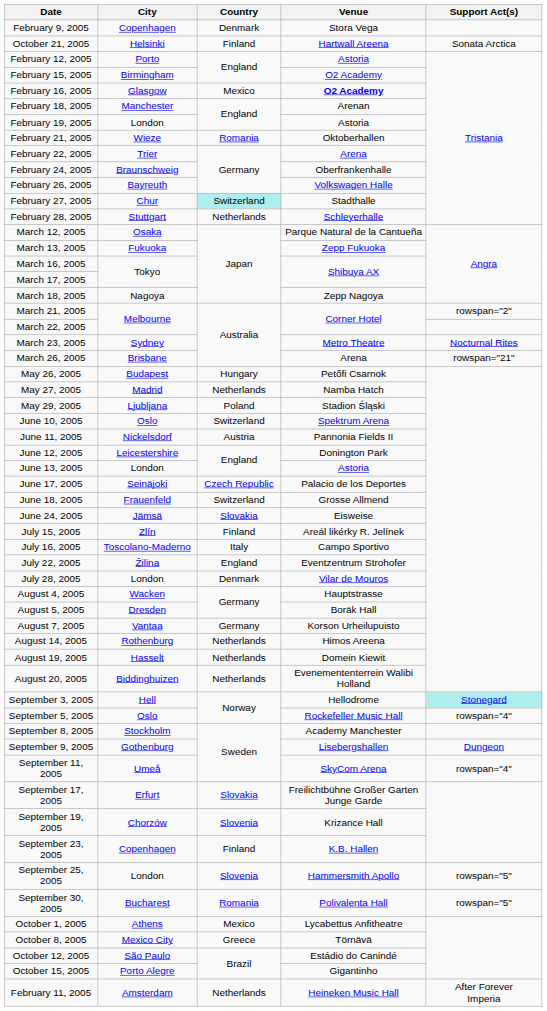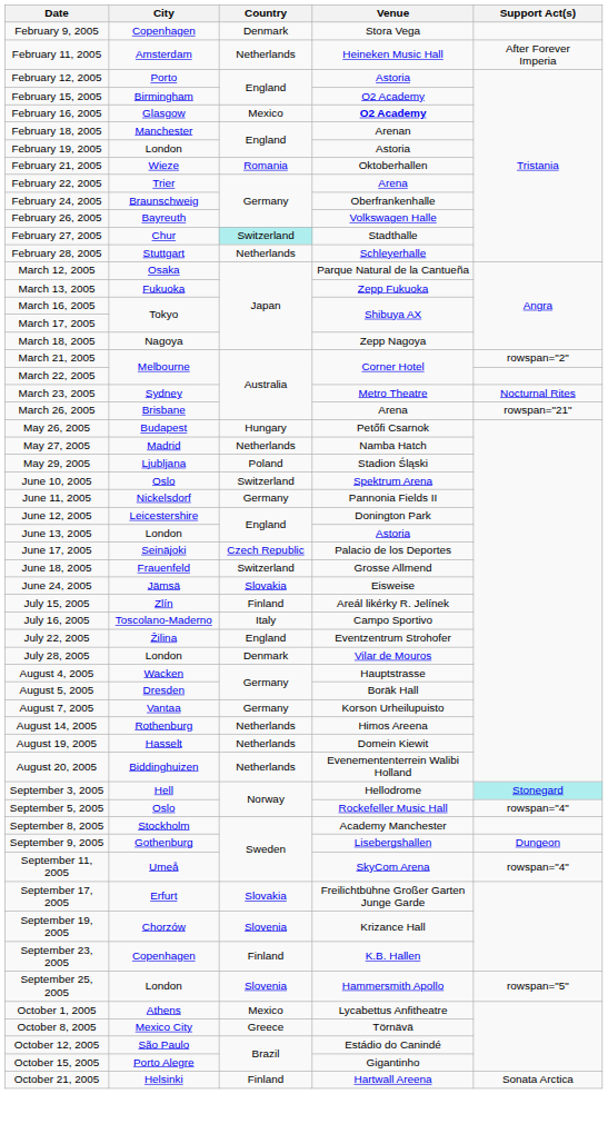 <table class="wikitable plainrowheaders" style="text-align:center;">
 <tr>
 <th scope="col" style="width:12em;">Date</th>
 <th scope="col" style="width:12em;">City</th>
 <th scope="col" style="width:10em;">Country</th>
 <th scope="col" style="width:18em;">Venue</th>
 <th scope="col" style="width:15em;">Support Act(s)</th>
 </tr>
 <tr>
 <td>February 9, 2005</td>
 <td><a href='#'>Copenhagen</a></td>
 <td>Denmark</td>
 <td>Stora Vega</td>
 <td></td>
 </tr>
 <tr>
-<td>October 21, 2005</td>
-<td><a href='#'>Helsinki</a></td>
-<td>Finland</td>
-<td><a href='#'>Hartwall Areena</a></td>
-<td>Sonata Arctica</td>
+<td>February 11, 2005</td>
+<td><a href='#'>Amsterdam</a></td>
+<td>Netherlands</td>
+<td><a href='#'>Heineken Music Hall</a></td>
+<td>After Forever<br>Imperia</td>
 </tr>
 <tr>
 <td>February 12, 2005</td>
 <td><a href='#'>Porto</a></td>
 <td rowspan="2">England</td>
 <td><a href='#'>Astoria</a></td>
 <td rowspan="11"><a href='#'>Tristania</a></td>
 </tr>
 <tr>
 <td>February 15, 2005</td>
 <td><a href='#'>Birmingham</a></td>
 <td><a href='#'>O2 Academy</a></td>
 </tr>
 <tr>
 <td>February 16, 2005</td>
 <td><a href='#'>Glasgow</a></td>
 <td>Mexico</td>
 <td><strong><a href='#'>O2 Academy</a></strong></td>
 </tr>
 <tr>
 <td>February 18, 2005</td>
 <td><a href='#'>Manchester</a></td>
 <td rowspan="2">England</td>
 <td>Arenan</td>
 </tr>
 <tr>
 <td>February 19, 2005</td>
 <td>London</td>
 <td>Astoria</td>
 </tr>
 <tr>
 <td>February 21, 2005</td>
 <td><a href='#'>Wieze</a></td>
 <td><a href='#'>Romania</a></td>
 <td>Oktoberhallen</td>
 </tr>
 <tr>
 <td>February 22, 2005</td>
 <td><a href='#'>Trier</a></td>
 <td rowspan="3">Germany</td>
 <td><a href='#'>Arena</a></td>
 </tr>
 <tr>
 <td>February 24, 2005</td>
 <td><a href='#'>Braunschweig</a></td>
 <td>Oberfrankenhalle</td>
 </tr>
 <tr>
 <td>February 26, 2005</td>
 <td><a href='#'>Bayreuth</a></td>
 <td><a href='#'>Volkswagen Halle</a></td>
 </tr>
 <tr>
 <td>February 27, 2005</td>
 <td><a href='#'>Chur</a></td>
 <td style="background: paleturquoise;">Switzerland</td>
 <td>Stadthalle</td>
 </tr>
 <tr>
 <td>February 28, 2005</td>
 <td><a href='#'>Stuttgart</a></td>
 <td>Netherlands</td>
 <td><a href='#'>Schleyerhalle</a></td>
 </tr>
 <tr>
 <td>March 12, 2005</td>
 <td><a href='#'>Osaka</a></td>
 <td rowspan="5">Japan</td>
 <td>Parque Natural de la Cantueña</td>
 <td rowspan="5"><a href='#'>Angra</a></td>
 </tr>
 <tr>
 <td>March 13, 2005</td>
 <td><a href='#'>Fukuoka</a></td>
 <td><a href='#'>Zepp Fukuoka</a></td>
 </tr>
 <tr>
 <td>March 16, 2005</td>
 <td rowspan="2">Tokyo</td>
 <td rowspan="2"><a href='#'>Shibuya AX</a></td>
 </tr>
 <tr>
 <td>March 17, 2005</td>
 </tr>
 <tr>
 <td>March 18, 2005</td>
 <td>Nagoya</td>
 <td>Zepp Nagoya</td>
 </tr>
 <tr>
 <td>March 21, 2005</td>
 <td rowspan="2"><a href='#'>Melbourne</a></td>
 <td rowspan="4">Australia</td>
 <td rowspan="2"><a href='#'>Corner Hotel</a></td>
 <td>rowspan="2" </td>
 </tr>
 <tr>
 <td>March 22, 2005</td>
 </tr>
 <tr>
 <td>March 23, 2005</td>
 <td><a href='#'>Sydney</a></td>
 <td><a href='#'>Metro Theatre</a></td>
 <td><a href='#'>Nocturnal Rites</a></td>
 </tr>
 <tr>
 <td>March 26, 2005</td>
 <td><a href='#'>Brisbane</a></td>
 <td>Arena</td>
 <td>rowspan="21" </td>
 </tr>
 <tr>
 <td>May 26, 2005</td>
 <td><a href='#'>Budapest</a></td>
 <td>Hungary</td>
 <td>Petőfi Csarnok</td>
 </tr>
 <tr>
 <td>May 27, 2005</td>
 <td><a href='#'>Madrid</a></td>
 <td>Netherlands</td>
 <td>Namba Hatch</td>
 </tr>
 <tr>
 <td>May 29, 2005</td>
 <td><a href='#'>Ljubljana</a></td>
 <td>Poland</td>
 <td>Stadion Śląski</td>
 </tr>
 <tr>
 <td>June 10, 2005</td>
 <td><a href='#'>Oslo</a></td>
 <td>Switzerland</td>
 <td><a href='#'>Spektrum Arena</a></td>
 </tr>
 <tr>
 <td>June 11, 2005</td>
 <td><a href='#'>Nickelsdorf</a></td>
-<td>Austria</td>
+<td>Germany</td>
 <td>Pannonia Fields II</td>
 </tr>
 <tr>
 <td>June 12, 2005</td>
 <td><a href='#'>Leicestershire</a></td>
 <td rowspan="2">England</td>
 <td>Donington Park</td>
 </tr>
 <tr>
 <td>June 13, 2005</td>
 <td>London</td>
 <td><a href='#'>Astoria</a></td>
 </tr>
 <tr>
 <td>June 17, 2005</td>
 <td><a href='#'>Seinäjoki</a></td>
 <td><a href='#'>Czech Republic</a></td>
 <td>Palacio de los Deportes</td>
 </tr>
 <tr>
 <td>June 18, 2005</td>
 <td><a href='#'>Frauenfeld</a></td>
 <td>Switzerland</td>
 <td>Grosse Allmend</td>
 </tr>
 <tr>
 <td>June 24, 2005</td>
 <td><a href='#'>Jämsä</a></td>
 <td><a href='#'>Slovakia</a></td>
 <td>Eisweise</td>
 </tr>
 <tr>
 <td>July 15, 2005</td>
 <td><a href='#'>Zlín</a></td>
 <td>Finland</td>
 <td>Areál likérky R. Jelínek</td>
 </tr>
 <tr>
 <td>July 16, 2005</td>
 <td><a href='#'>Toscolano-Maderno</a></td>
 <td>Italy</td>
 <td>Campo Sportivo</td>
 </tr>
 <tr>
 <td>July 22, 2005</td>
 <td><a href='#'>Žilina</a></td>
 <td>England</td>
 <td>Eventzentrum Strohofer</td>
 </tr>
 <tr>
 <td>July 28, 2005</td>
 <td>London</td>
 <td>Denmark</td>
 <td><a href='#'>Vilar de Mouros</a></td>
 </tr>
 <tr>
 <td>August 4, 2005</td>
 <td><a href='#'>Wacken</a></td>
 <td rowspan="2">Germany</td>
 <td>Hauptstrasse</td>
 </tr>
 <tr>
 <td>August 5, 2005</td>
 <td><a href='#'>Dresden</a></td>
 <td>Boräk Hall</td>
 </tr>
 <tr>
 <td>August 7, 2005</td>
 <td><a href='#'>Vantaa</a></td>
 <td>Germany</td>
 <td>Korson Urheilupuisto</td>
 </tr>
 <tr>
 <td>August 14, 2005</td>
 <td><a href='#'>Rothenburg</a></td>
 <td>Netherlands</td>
 <td>Himos Areena</td>
 </tr>
 <tr>
 <td>August 19, 2005</td>
 <td><a href='#'>Hasselt</a></td>
 <td>Netherlands</td>
 <td>Domein Kiewit</td>
 </tr>
 <tr>
 <td>August 20, 2005</td>
 <td><a href='#'>Biddinghuizen</a></td>
 <td>Netherlands</td>
 <td>Evenemententerrein Walibi Holland</td>
 </tr>
 <tr>
 <td>September 3, 2005</td>
 <td><a href='#'>Hell</a></td>
 <td rowspan="2">Norway</td>
 <td>Hellodrome</td>
 <td style="background: paleturquoise;"><a href='#'>Stonegard</a></td>
 </tr>
 <tr>
 <td>September 5, 2005</td>
 <td><a href='#'>Oslo</a></td>
 <td><a href='#'>Rockefeller Music Hall</a></td>
 <td>rowspan="4" </td>
 </tr>
 <tr>
 <td>September 8, 2005</td>
 <td><a href='#'>Stockholm</a></td>
 <td rowspan="3">Sweden</td>
 <td>Academy Manchester</td>
 </tr>
 <tr>
 <td>September 9, 2005</td>
 <td><a href='#'>Gothenburg</a></td>
 <td><a href='#'>Lisebergshallen</a></td>
 <td><a href='#'>Dungeon</a></td>
 </tr>
 <tr>
 <td>September 11, 2005</td>
 <td><a href='#'>Umeå</a></td>
 <td><a href='#'>SkyCom Arena</a></td>
 <td>rowspan="4" </td>
 </tr>
 <tr>
 <td>September 17, 2005</td>
 <td><a href='#'>Erfurt</a></td>
 <td><a href='#'>Slovakia</a></td>
 <td>Freilichtbühne Großer Garten Junge Garde</td>
 </tr>
 <tr>
 <td>September 19, 2005</td>
 <td><a href='#'>Chorzów</a></td>
 <td><a href='#'>Slovenia</a></td>
 <td>Krizance Hall</td>
 </tr>
 <tr>
 <td>September 23, 2005</td>
 <td><a href='#'>Copenhagen</a></td>
 <td>Finland</td>
 <td><a href='#'>K.B. Hallen</a></td>
 </tr>
 <tr>
 <td>September 25, 2005</td>
 <td>London</td>
 <td><a href='#'>Slovenia</a></td>
 <td><a href='#'>Hammersmith Apollo</a></td>
 <td>rowspan="5" </td>
 </tr>
 <tr>
-<td>September 30, 2005</td>
-<td><a href='#'>Bucharest</a></td>
-<td><a href='#'>Romania</a></td>
-<td><a href='#'>Polivalenta Hall</a></td>
-<td>rowspan="5" </td>
-</tr>
-<tr>
 <td>October 1, 2005</td>
 <td><a href='#'>Athens</a></td>
 <td>Mexico</td>
 <td>Lycabettus Anfitheatre</td>
 </tr>
 <tr>
 <td>October 8, 2005</td>
 <td><a href='#'>Mexico City</a></td>
 <td>Greece</td>
 <td>Törnävä</td>
 </tr>
 <tr>
 <td>October 12, 2005</td>
 <td><a href='#'>São Paulo</a></td>
 <td rowspan="2">Brazil</td>
 <td>Estádio do Canindé</td>
 </tr>
 <tr>
 <td>October 15, 2005</td>
 <td><a href='#'>Porto Alegre</a></td>
 <td>Gigantinho</td>
 </tr>
 <tr>
-<td>February 11, 2005</td>
-<td><a href='#'>Amsterdam</a></td>
-<td>Netherlands</td>
-<td><a href='#'>Heineken Music Hall</a></td>
-<td>After Forever<br>Imperia</td>
+<td>October 21, 2005</td>
+<td><a href='#'>Helsinki</a></td>
+<td>Finland</td>
+<td><a href='#'>Hartwall Areena</a></td>
+<td>Sonata Arctica</td>
 </tr>
 </table>
